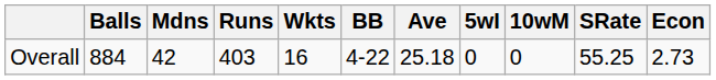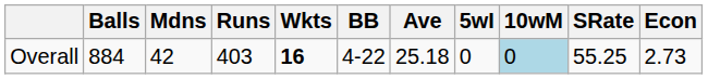 <table class="wikitable">
 <tr>
 <th></th>
 <th>Balls</th>
 <th>Mdns</th>
 <th>Runs</th>
 <th>Wkts</th>
 <th>BB</th>
 <th>Ave</th>
 <th>5wI</th>
 <th>10wM</th>
 <th>SRate</th>
 <th>Econ</th>
 </tr>
 <tr>
 <td>Overall</td>
 <td>884</td>
 <td>42</td>
 <td>403</td>
-<td>16</td>
+<td><strong>16</strong></td>
 <td>4-22</td>
 <td>25.18</td>
 <td>0</td>
-<td>0</td>
+<td style="background: lightblue;">0</td>
 <td>55.25</td>
 <td>2.73</td>
 </tr>
 </table>
